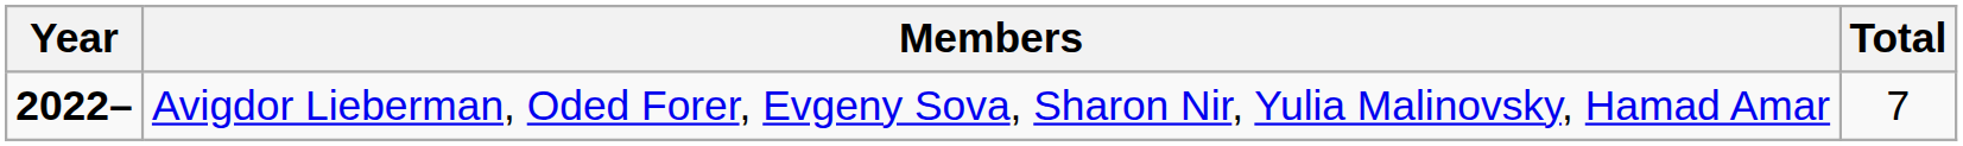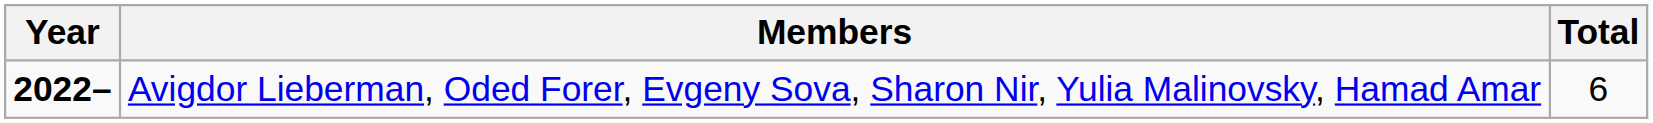 <table class=wikitable>
 <tr>
 <th>Year</th>
 <th>Members</th>
 <th>Total</th>
 </tr>
 <tr>
 <td><strong>2022–</strong></td>
 <td><a href='#'>Avigdor Lieberman</a>, <a href='#'>Oded Forer</a>, <a href='#'>Evgeny Sova</a>, <a href='#'>Sharon Nir</a>, <a href='#'>Yulia Malinovsky</a>, <a href='#'>Hamad Amar</a></td>
-<td align=center>7</td>
+<td align=center>6</td>
 </tr>
 </table>
